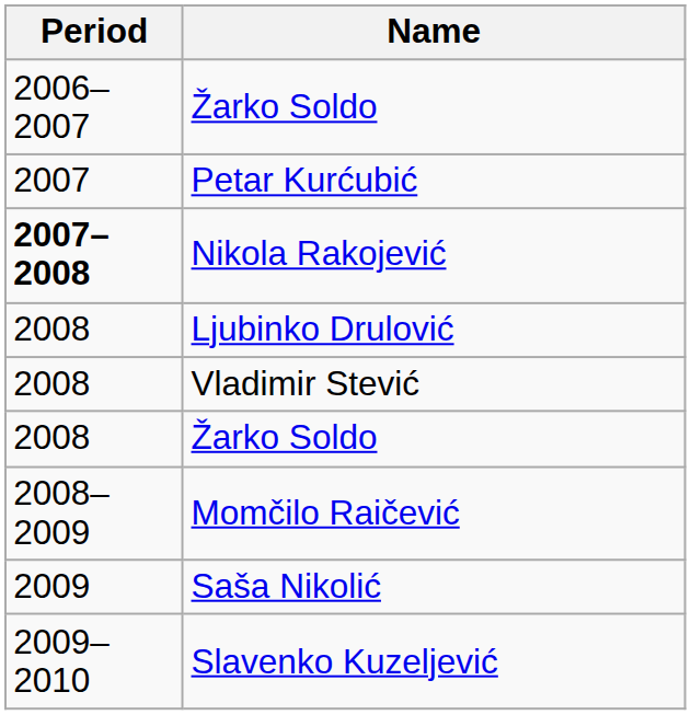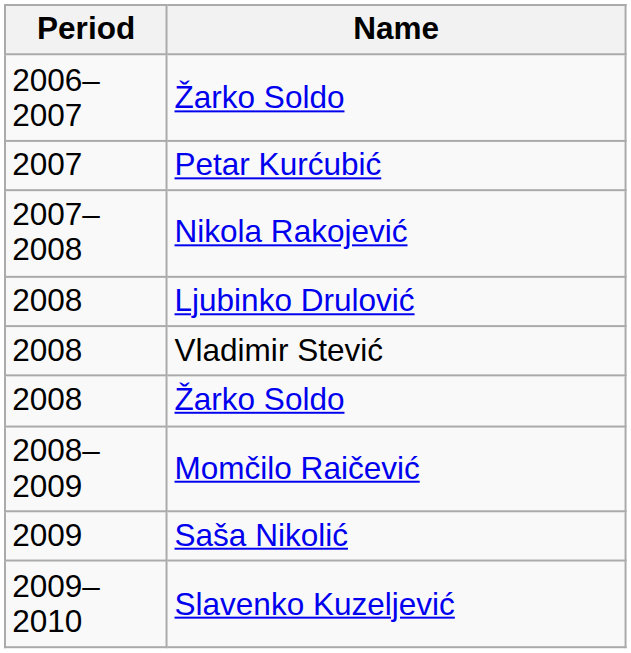 <table class="wikitable">
 <tr>
 <th width="75">Period</th>
 <th width="225">Name</th>
 </tr>
 <tr>
 <td>2006–2007</td>
 <td> <a href='#'>Žarko Soldo</a></td>
 </tr>
 <tr>
 <td>2007</td>
 <td> <a href='#'>Petar Kurćubić</a></td>
 </tr>
 <tr>
-<td><strong>2007–2008</strong></td>
+<td>2007–2008</td>
 <td> <a href='#'>Nikola Rakojević</a></td>
 </tr>
 <tr>
 <td>2008</td>
 <td> <a href='#'>Ljubinko Drulović</a></td>
 </tr>
 <tr>
 <td>2008</td>
 <td> Vladimir Stević</td>
 </tr>
 <tr>
 <td>2008</td>
 <td> <a href='#'>Žarko Soldo</a></td>
 </tr>
 <tr>
 <td>2008–2009</td>
 <td> <a href='#'>Momčilo Raičević</a></td>
 </tr>
 <tr>
 <td>2009</td>
 <td> <a href='#'>Saša Nikolić</a></td>
 </tr>
 <tr>
 <td>2009–2010</td>
 <td> <a href='#'>Slavenko Kuzeljević</a></td>
 </tr>
 </table>
